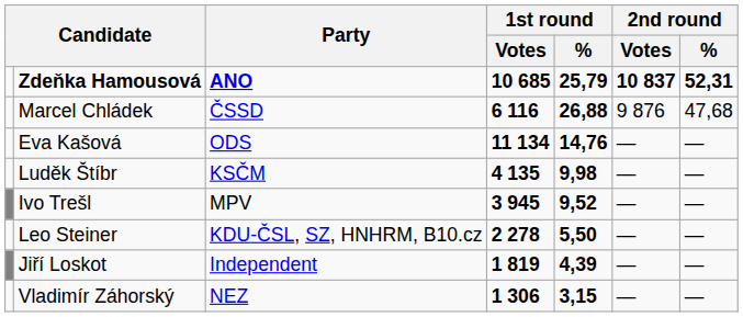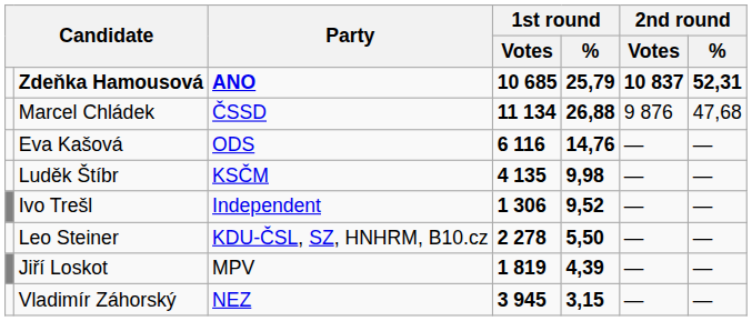 <table class="wikitable sortable">
 <tr>
 <th colspan="2" rowspan="2">Candidate</th>
 <th rowspan="2">Party</th>
 <th colspan="2">1st round</th>
 <th colspan="2">2nd round</th>
 </tr>
 <tr>
 <th>Votes</th>
 <th>%</th>
 <th>Votes</th>
 <th>%</th>
 </tr>
 <tr>
 <td style="background-color:"></td>
 <td><strong>Zdeňka Hamousová</strong></td>
 <td><strong><a href='#'>ANO</a></strong></td>
 <td><strong>10 685</strong></td>
 <td><strong>25,79</strong></td>
 <td><strong>10 837</strong></td>
 <td><strong>52,31</strong></td>
 </tr>
 <tr>
 <td style="background-color:"></td>
 <td>Marcel Chládek</td>
 <td><a href='#'>ČSSD</a></td>
-<td><strong>6 116</strong></td>
+<td><strong>11 134</strong></td>
 <td><strong>26,88</strong></td>
 <td>9 876</td>
 <td>47,68</td>
 </tr>
 <tr>
 <td style="background-color:"></td>
 <td>Eva Kašová</td>
 <td><a href='#'>ODS</a></td>
-<td><strong>11 134</strong></td>
+<td><strong>6 116</strong></td>
 <td><strong>14,76</strong></td>
 <td>—</td>
 <td>—</td>
 </tr>
 <tr>
 <td style="background-color:"></td>
 <td>Luděk Štíbr</td>
 <td><a href='#'>KSČM</a></td>
 <td><strong>4 135</strong></td>
 <td><strong>9,98</strong></td>
 <td>—</td>
 <td>—</td>
 </tr>
 <tr>
 <td style="background-color:gray;"></td>
 <td>Ivo Trešl</td>
-<td>MPV</td>
-<td><strong>3 945</strong></td>
+<td><a href='#'>Independent</a></td>
+<td><strong>1 306</strong></td>
 <td><strong>9,52</strong></td>
 <td>—</td>
 <td>—</td>
 </tr>
 <tr>
 <td style="background-color:"></td>
 <td>Leo Steiner</td>
 <td><a href='#'>KDU-ČSL</a>, <a href='#'>SZ</a>, HNHRM, B10.cz</td>
 <td><strong>2 278</strong></td>
 <td><strong>5,50</strong></td>
 <td>—</td>
 <td>—</td>
 </tr>
 <tr>
 <td style="background-color:gray;"></td>
 <td>Jiří Loskot</td>
-<td><a href='#'>Independent</a></td>
+<td>MPV</td>
 <td><strong>1 819</strong></td>
 <td><strong>4,39</strong></td>
 <td>—</td>
 <td>—</td>
 </tr>
 <tr>
 <td style="background-color:"></td>
 <td>Vladimír Záhorský</td>
 <td><a href='#'>NEZ</a></td>
-<td><strong>1 306</strong></td>
+<td><strong>3 945</strong></td>
 <td><strong>3,15</strong></td>
 <td>—</td>
 <td>—</td>
 </tr>
 </table>
